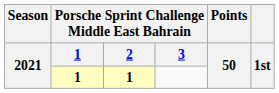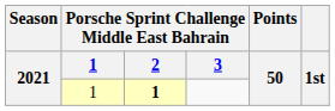 <table class="wikitable" style="font-size: 85%; text-align:center">
 <tr valign="top">
 <th>Season</th>
 <th colspan=3>Porsche Sprint Challenge<br>Middle East Bahrain</th>
 <th>Points</th>
 <th></th>
 </tr>
 <tr>
 <th rowspan=2 align=left>2021</th>
 <th><a href='#'>1</a><br></th>
 <th><a href='#'>2</a><br></th>
 <th><a href='#'>3</a><br></th>
 <th rowspan=2>50</th>
 <th rowspan=2>1st</th>
 </tr>
 <tr>
-<td style="background:#FFFFBF;"><strong>1</strong></td>
+<td style="background:#FFFFBF;">1</td>
 <td style="background:#FFFFBF;"><strong>1</strong></td>
 <td style="background:"></td>
 </tr>
 </table>
